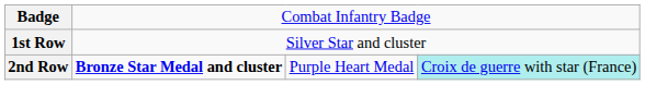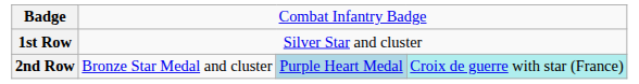 <table class="wikitable" style="margin:1em auto; text-align:center;">
 <tr>
 <th>Badge</th>
 <td colspan="3"><a href='#'>Combat Infantry Badge</a></td>
 </tr>
 <tr>
 <th>1st Row</th>
 <td colspan="3"><a href='#'>Silver Star</a> and cluster</td>
 </tr>
 <tr>
 <th>2nd Row</th>
-<td><strong><a href='#'>Bronze Star Medal</a> and cluster</strong></td>
-<td><a href='#'>Purple Heart Medal</a></td>
+<td><a href='#'>Bronze Star Medal</a> and cluster</td>
+<td style="background: lightblue;"><a href='#'>Purple Heart Medal</a></td>
 <td style="background: paleturquoise;"><a href='#'>Croix de guerre</a> with star (France)</td>
 </tr>
 </table>
